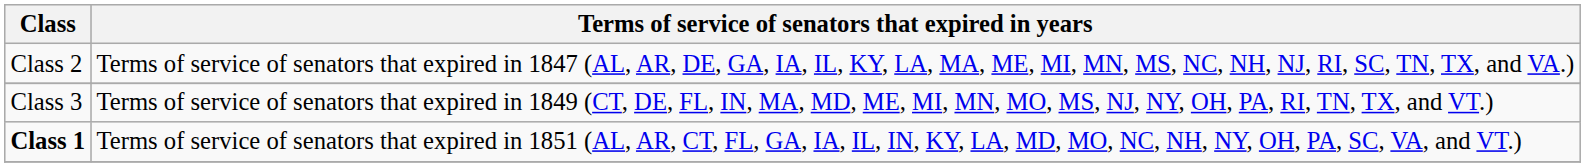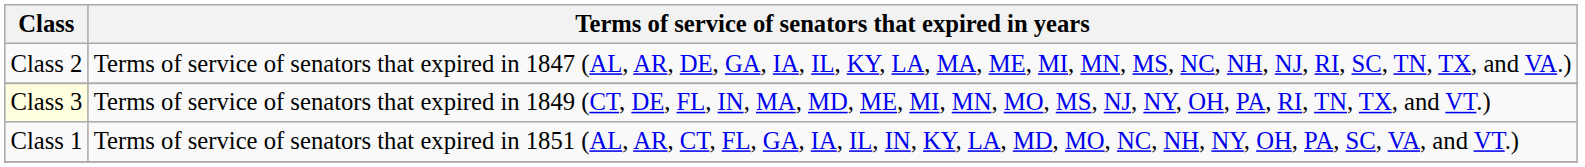 <table class="wikitable sortable">
 <tr valign=bottom>
 <th>Class</th>
 <th>Terms of service of senators that expired in years</th>
 </tr>
 <tr>
 <td>Class 2</td>
 <td>Terms of service of senators that expired in 1847 (<a href='#'>AL</a>, <a href='#'>AR</a>, <a href='#'>DE</a>, <a href='#'>GA</a>, <a href='#'>IA</a>, <a href='#'>IL</a>, <a href='#'>KY</a>, <a href='#'>LA</a>, <a href='#'>MA</a>, <a href='#'>ME</a>, <a href='#'>MI</a>, <a href='#'>MN</a>, <a href='#'>MS</a>, <a href='#'>NC</a>, <a href='#'>NH</a>, <a href='#'>NJ</a>, <a href='#'>RI</a>, <a href='#'>SC</a>, <a href='#'>TN</a>, <a href='#'>TX</a>, and <a href='#'>VA</a>.)</td>
 </tr>
 <tr>
 </tr>
 <tr>
-<td>Class 3</td>
+<td style="background: lightyellow;">Class 3</td>
 <td>Terms of service of senators that expired in 1849 (<a href='#'>CT</a>, <a href='#'>DE</a>, <a href='#'>FL</a>, <a href='#'>IN</a>, <a href='#'>MA</a>, <a href='#'>MD</a>, <a href='#'>ME</a>,  <a href='#'>MI</a>, <a href='#'>MN</a>, <a href='#'>MO</a>, <a href='#'>MS</a>, <a href='#'>NJ</a>, <a href='#'>NY</a>, <a href='#'>OH</a>, <a href='#'>PA</a>, <a href='#'>RI</a>, <a href='#'>TN</a>, <a href='#'>TX</a>, and <a href='#'>VT</a>.)</td>
 </tr>
 <tr>
-<td><strong>Class 1</strong></td>
+<td>Class 1</td>
 <td>Terms of service of senators that expired in 1851 (<a href='#'>AL</a>, <a href='#'>AR</a>, <a href='#'>CT</a>, <a href='#'>FL</a>, <a href='#'>GA</a>, <a href='#'>IA</a>, <a href='#'>IL</a>, <a href='#'>IN</a>, <a href='#'>KY</a>, <a href='#'>LA</a>, <a href='#'>MD</a>, <a href='#'>MO</a>, <a href='#'>NC</a>, <a href='#'>NH</a>, <a href='#'>NY</a>, <a href='#'>OH</a>, <a href='#'>PA</a>, <a href='#'>SC</a>, <a href='#'>VA</a>, and <a href='#'>VT</a>.)</td>
 </tr>
 <tr>
 </tr>
 </table>
